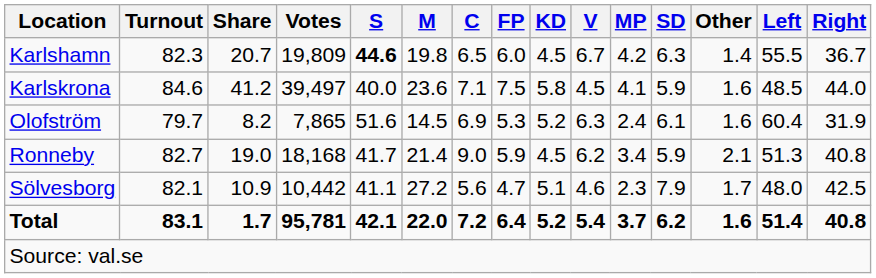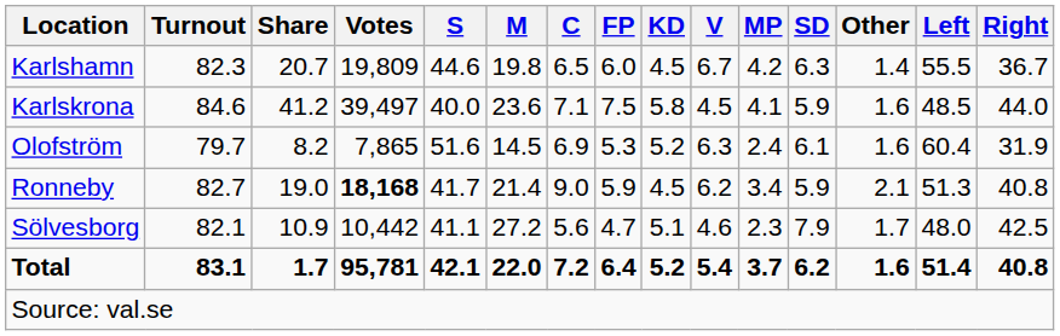 <table class="wikitable sortable" style=text-align:right>
 <tr>
 <th>Location</th>
 <th>Turnout</th>
 <th>Share</th>
 <th>Votes</th>
 <th><a href='#'>S</a></th>
 <th><a href='#'>M</a></th>
 <th><a href='#'>C</a></th>
 <th><a href='#'>FP</a></th>
 <th><a href='#'>KD</a></th>
 <th><a href='#'>V</a></th>
 <th><a href='#'>MP</a></th>
 <th><a href='#'>SD</a></th>
 <th>Other</th>
 <th><a href='#'>Left</a></th>
 <th><a href='#'>Right</a></th>
 </tr>
 <tr>
 <td align=left><a href='#'>Karlshamn</a></td>
 <td>82.3</td>
 <td>20.7</td>
 <td>19,809</td>
-<td><strong>44.6</strong></td>
+<td>44.6</td>
 <td>19.8</td>
 <td>6.5</td>
 <td>6.0</td>
 <td>4.5</td>
 <td>6.7</td>
 <td>4.2</td>
 <td>6.3</td>
 <td>1.4</td>
 <td>55.5</td>
 <td>36.7</td>
 </tr>
 <tr>
 <td align=left><a href='#'>Karlskrona</a></td>
 <td>84.6</td>
 <td>41.2</td>
 <td>39,497</td>
 <td>40.0</td>
 <td>23.6</td>
 <td>7.1</td>
 <td>7.5</td>
 <td>5.8</td>
 <td>4.5</td>
 <td>4.1</td>
 <td>5.9</td>
 <td>1.6</td>
 <td>48.5</td>
 <td>44.0</td>
 </tr>
 <tr>
 <td align=left><a href='#'>Olofström</a></td>
 <td>79.7</td>
 <td>8.2</td>
 <td>7,865</td>
 <td>51.6</td>
 <td>14.5</td>
 <td>6.9</td>
 <td>5.3</td>
 <td>5.2</td>
 <td>6.3</td>
 <td>2.4</td>
 <td>6.1</td>
 <td>1.6</td>
 <td>60.4</td>
 <td>31.9</td>
 </tr>
 <tr>
 <td align=left><a href='#'>Ronneby</a></td>
 <td>82.7</td>
 <td>19.0</td>
-<td>18,168</td>
+<td><strong>18,168</strong></td>
 <td>41.7</td>
 <td>21.4</td>
 <td>9.0</td>
 <td>5.9</td>
 <td>4.5</td>
 <td>6.2</td>
 <td>3.4</td>
 <td>5.9</td>
 <td>2.1</td>
 <td>51.3</td>
 <td>40.8</td>
 </tr>
 <tr>
 <td align=left><a href='#'>Sölvesborg</a></td>
 <td>82.1</td>
 <td>10.9</td>
 <td>10,442</td>
 <td>41.1</td>
 <td>27.2</td>
 <td>5.6</td>
 <td>4.7</td>
 <td>5.1</td>
 <td>4.6</td>
 <td>2.3</td>
 <td>7.9</td>
 <td>1.7</td>
 <td>48.0</td>
 <td>42.5</td>
 </tr>
 <tr>
 <td align=left><strong>Total</strong></td>
 <td><strong>83.1</strong></td>
 <td><strong>1.7</strong></td>
 <td><strong>95,781</strong></td>
 <td><strong>42.1</strong></td>
 <td><strong>22.0</strong></td>
 <td><strong>7.2</strong></td>
 <td><strong>6.4</strong></td>
 <td><strong>5.2</strong></td>
 <td><strong>5.4</strong></td>
 <td><strong>3.7</strong></td>
 <td><strong>6.2</strong></td>
 <td><strong>1.6</strong></td>
 <td><strong>51.4</strong></td>
 <td><strong>40.8</strong></td>
 </tr>
 <tr>
 <td align=left colspan=15>Source: val.se </td>
 </tr>
 </table>
